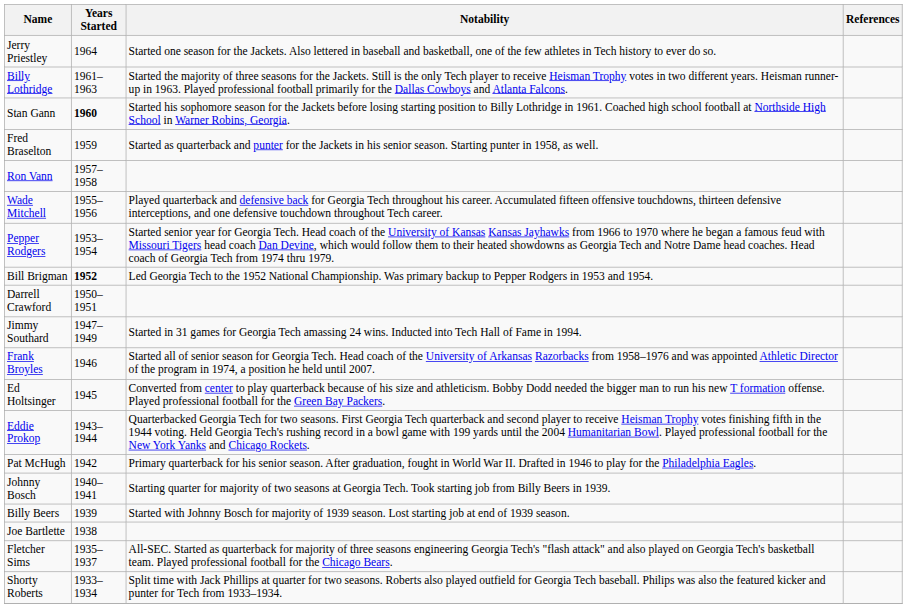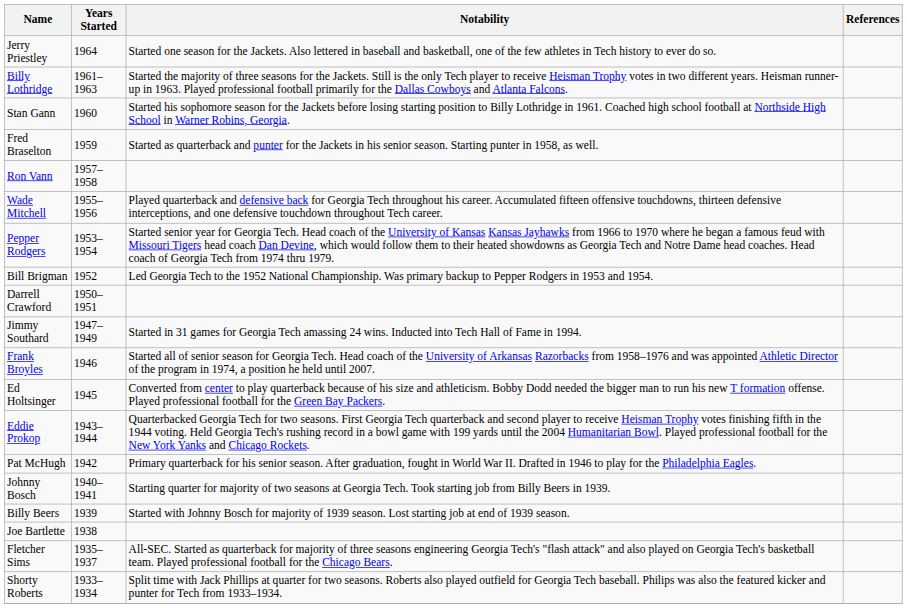 <table class="wikitable sortable" style="text-align:left;">
 <tr>
 <th>Name</th>
 <th>Years Started</th>
 <th>Notability</th>
 <th>References</th>
 </tr>
 <tr>
 <td>Jerry Priestley</td>
 <td>1964</td>
 <td>Started one season for the Jackets.  Also lettered in baseball and basketball, one of the few athletes in Tech history to ever do so.</td>
 <td></td>
 </tr>
 <tr>
 <td><a href='#'>Billy Lothridge</a></td>
 <td>1961–1963</td>
 <td>Started the majority of three seasons for the Jackets.  Still is the only Tech player to receive <a href='#'>Heisman Trophy</a> votes in two different years.  Heisman runner-up in 1963.  Played professional football primarily for the <a href='#'>Dallas Cowboys</a> and <a href='#'>Atlanta Falcons</a>.</td>
 <td></td>
 </tr>
 <tr>
 <td>Stan Gann</td>
-<td><strong>1960</strong></td>
+<td>1960</td>
 <td>Started his sophomore season for the Jackets before losing starting position to Billy Lothridge in 1961.  Coached high school football at <a href='#'>Northside High School</a> in <a href='#'>Warner Robins, Georgia</a>.</td>
 <td></td>
 </tr>
 <tr>
 <td>Fred Braselton</td>
 <td>1959</td>
 <td>Started as quarterback and <a href='#'>punter</a> for the Jackets in his senior season.  Starting punter in 1958, as well.</td>
 <td></td>
 </tr>
 <tr>
 <td><a href='#'>Ron Vann</a></td>
 <td>1957–1958</td>
 <td></td>
 <td></td>
 </tr>
 <tr>
 <td><a href='#'>Wade Mitchell</a></td>
 <td>1955–1956</td>
 <td>Played quarterback and <a href='#'>defensive back</a> for Georgia Tech throughout his career.  Accumulated fifteen offensive touchdowns, thirteen defensive interceptions, and one defensive touchdown throughout Tech career.</td>
 <td></td>
 </tr>
 <tr>
 <td><a href='#'>Pepper Rodgers</a></td>
 <td>1953–1954</td>
 <td>Started senior year for Georgia Tech.  Head coach of the <a href='#'>University of Kansas</a> <a href='#'>Kansas Jayhawks</a> from 1966 to 1970 where he began a famous feud with <a href='#'>Missouri Tigers</a> head coach <a href='#'>Dan Devine</a>, which would follow them to their heated showdowns as Georgia Tech and Notre Dame head coaches.  Head coach of Georgia Tech from 1974 thru 1979.</td>
 <td></td>
 </tr>
 <tr>
 <td>Bill Brigman</td>
-<td><strong>1952</strong></td>
+<td>1952</td>
 <td>Led Georgia Tech to the 1952 National Championship.  Was primary backup to Pepper Rodgers in 1953 and 1954.</td>
 <td></td>
 </tr>
 <tr>
 <td>Darrell Crawford</td>
 <td>1950–1951</td>
 <td></td>
 <td></td>
 </tr>
 <tr>
 <td>Jimmy Southard</td>
 <td>1947–1949</td>
 <td>Started in 31 games for Georgia Tech amassing 24 wins.  Inducted into Tech Hall of Fame in 1994.</td>
 <td></td>
 </tr>
 <tr>
 <td><a href='#'>Frank Broyles</a></td>
 <td>1946</td>
 <td>Started all of senior season for Georgia Tech.  Head coach of the <a href='#'>University of Arkansas</a> <a href='#'>Razorbacks</a> from 1958–1976 and was appointed <a href='#'>Athletic Director</a> of the program in 1974, a position he held until 2007.</td>
 <td></td>
 </tr>
 <tr>
 <td>Ed Holtsinger</td>
 <td>1945</td>
 <td>Converted from <a href='#'>center</a> to play quarterback because of his size and athleticism. Bobby Dodd needed the bigger man to run his new <a href='#'>T formation</a> offense.  Played professional football for the <a href='#'>Green Bay Packers</a>.</td>
 <td></td>
 </tr>
 <tr>
 <td><a href='#'>Eddie Prokop</a></td>
 <td>1943–1944</td>
 <td>Quarterbacked Georgia Tech for two seasons.  First Georgia Tech quarterback and second player to receive <a href='#'>Heisman Trophy</a> votes finishing fifth in the 1944 voting.  Held Georgia Tech's rushing record in a bowl game with 199 yards until the 2004 <a href='#'>Humanitarian Bowl</a>.  Played professional football for the <a href='#'>New York Yanks</a> and <a href='#'>Chicago Rockets</a>.</td>
 <td></td>
 </tr>
 <tr>
 <td>Pat McHugh</td>
 <td>1942</td>
 <td>Primary quarterback for his senior season.  After graduation, fought in World War II.  Drafted in 1946 to play for the <a href='#'>Philadelphia Eagles</a>.</td>
 <td></td>
 </tr>
 <tr>
 <td>Johnny Bosch</td>
 <td>1940–1941</td>
 <td>Starting quarter for majority of two seasons at Georgia Tech.  Took starting job from Billy Beers in 1939.</td>
 <td></td>
 </tr>
 <tr>
 <td>Billy Beers</td>
 <td>1939</td>
 <td>Started with Johnny Bosch for majority of 1939 season.  Lost starting job at end of 1939 season.</td>
 <td></td>
 </tr>
 <tr>
 <td>Joe Bartlette</td>
 <td>1938</td>
 <td></td>
 <td></td>
 </tr>
 <tr>
 <td>Fletcher Sims</td>
 <td>1935–1937</td>
 <td>All-SEC. Started as quarterback for majority of three seasons engineering Georgia Tech's "flash attack" and also played on Georgia Tech's basketball team.  Played professional football for the <a href='#'>Chicago Bears</a>.</td>
 <td></td>
 </tr>
 <tr>
 <td>Shorty Roberts</td>
 <td>1933–1934</td>
 <td>Split time with Jack Phillips at quarter for two seasons.  Roberts also played outfield for Georgia Tech baseball.  Philips was also the featured kicker and punter for Tech from 1933–1934.</td>
 <td></td>
 </tr>
 <tr>
 </tr>
 </table>
